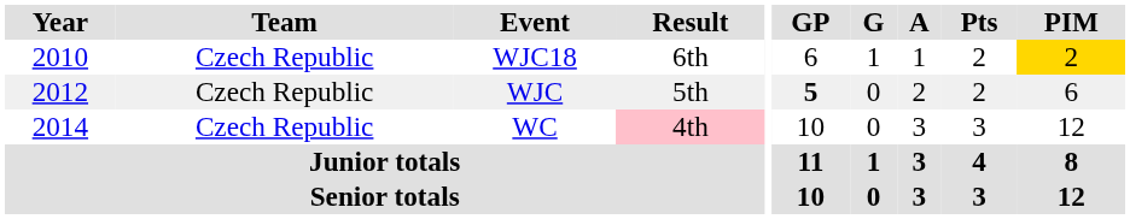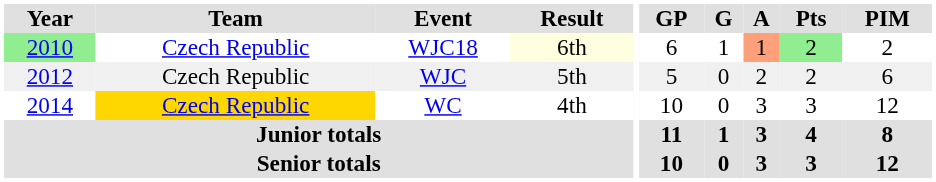 <table border="0" cellpadding="1" cellspacing="0" ID="Table3" style="text-align:center; width:40em">
 <tr ALIGN="center" bgcolor="#e0e0e0">
 <th>Year</th>
 <th>Team</th>
 <th>Event</th>
 <th>Result</th>
 <th rowspan="99" bgcolor="#ffffff"></th>
 <th>GP</th>
 <th>G</th>
 <th>A</th>
 <th>Pts</th>
 <th>PIM</th>
 </tr>
 <tr>
-<td><a href='#'>2010</a></td>
+<td style="background: lightgreen;"><a href='#'>2010</a></td>
 <td><a href='#'>Czech Republic</a></td>
 <td><a href='#'>WJC18</a></td>
-<td>6th</td>
+<td style="background: lightyellow;">6th</td>
 <td>6</td>
 <td>1</td>
-<td>1</td>
+<td style="background: lightsalmon;">1</td>
+<td style="background: lightgreen;">2</td>
 <td>2</td>
-<td style="background: gold;">2</td>
 </tr>
 <tr bgcolor="#f0f0f0">
 <td><a href='#'>2012</a></td>
 <td>Czech Republic</td>
 <td><a href='#'>WJC</a></td>
 <td>5th</td>
-<td><strong>5</strong></td>
+<td>5</td>
 <td>0</td>
 <td>2</td>
 <td>2</td>
 <td>6</td>
 </tr>
 <tr>
 <td><a href='#'>2014</a></td>
-<td><a href='#'>Czech Republic</a></td>
+<td style="background: gold;"><a href='#'>Czech Republic</a></td>
 <td><a href='#'>WC</a></td>
-<td style="background: pink;">4th</td>
+<td>4th</td>
 <td>10</td>
 <td>0</td>
 <td>3</td>
 <td>3</td>
 <td>12</td>
 </tr>
 <tr ALIGN="center" bgcolor="#e0e0e0">
 <th colspan=4>Junior totals</th>
 <th>11</th>
 <th>1</th>
 <th>3</th>
 <th>4</th>
 <th>8</th>
 </tr>
 <tr ALIGN="center" bgcolor="#e0e0e0">
 <th colspan=4>Senior totals</th>
 <th>10</th>
 <th>0</th>
 <th>3</th>
 <th>3</th>
 <th>12</th>
 </tr>
 </table>
